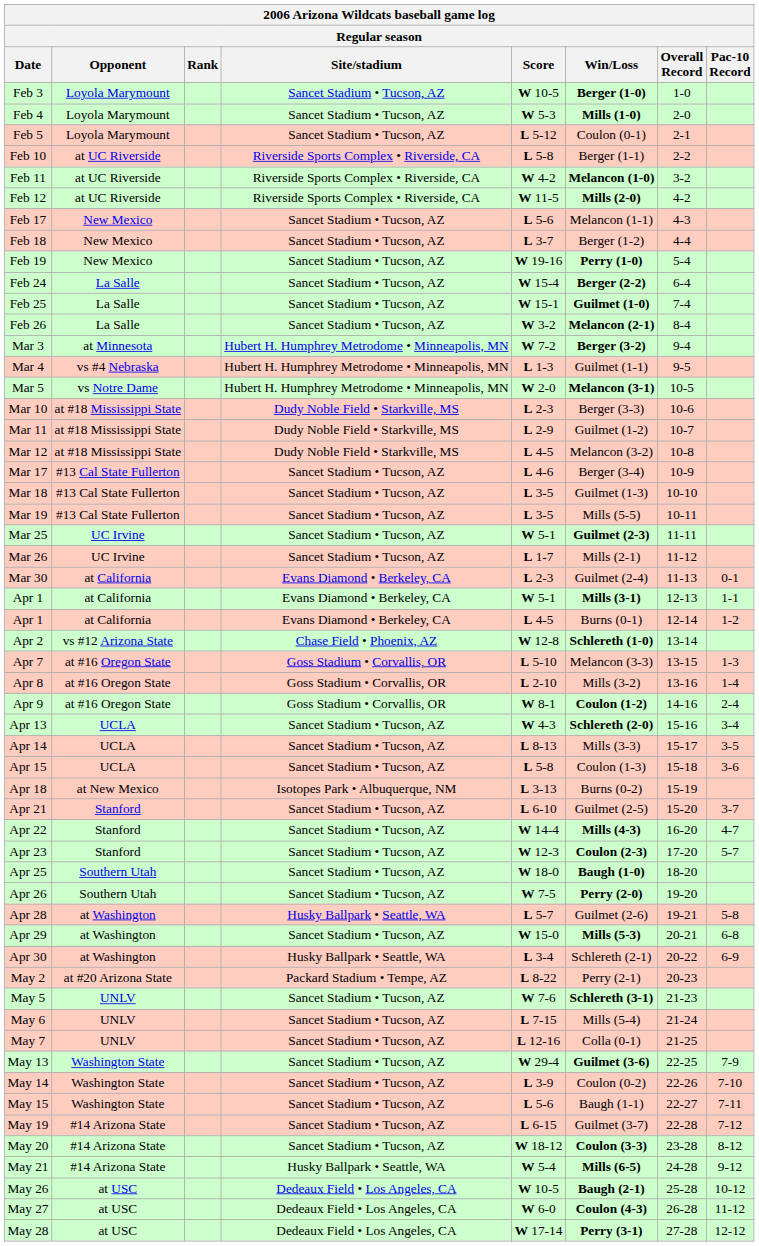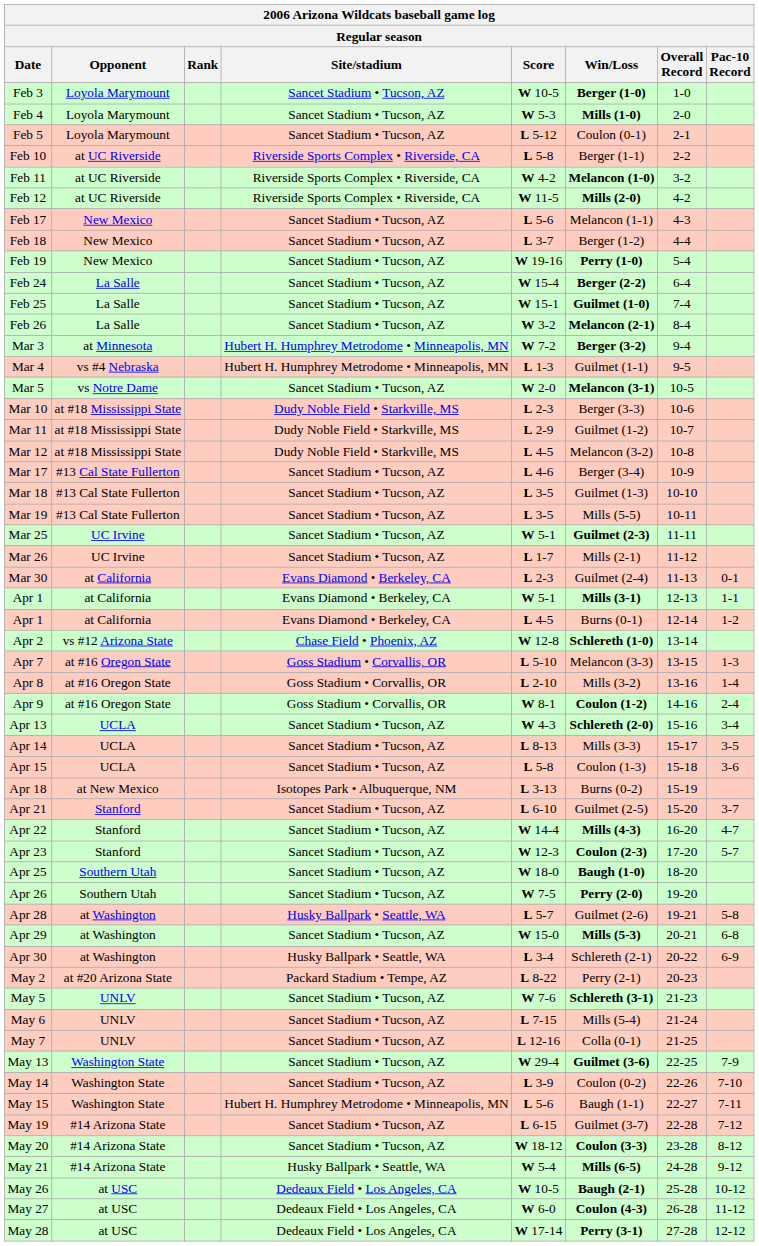 <table class="wikitable">
 <tr>
 <th colspan="8">2006 Arizona Wildcats baseball game log</th>
 </tr>
 <tr>
 <th colspan="8">Regular season</th>
 </tr>
 <tr>
 <th>Date</th>
 <th>Opponent</th>
 <th>Rank</th>
 <th>Site/stadium</th>
 <th>Score</th>
 <th>Win/Loss</th>
 <th>Overall<br>Record</th>
 <th>Pac-10<br>Record</th>
 </tr>
 <tr bgcolor="ccffcc" align="center">
 <td>Feb 3</td>
 <td><a href='#'>Loyola Marymount</a></td>
 <td></td>
 <td><a href='#'>Sancet Stadium</a> • <a href='#'>Tucson, AZ</a></td>
 <td><strong>W</strong> 10-5</td>
 <td><strong>Berger (1-0)</strong></td>
 <td>1-0</td>
 <td></td>
 </tr>
 <tr bgcolor="ccffcc" align="center">
 <td>Feb 4</td>
 <td>Loyola Marymount</td>
 <td></td>
 <td>Sancet Stadium • Tucson, AZ</td>
 <td><strong>W</strong> 5-3</td>
 <td><strong>Mills (1-0)</strong></td>
 <td>2-0</td>
 <td></td>
 </tr>
 <tr bgcolor="ffccc" align="center">
 <td>Feb 5</td>
 <td>Loyola Marymount</td>
 <td></td>
 <td>Sancet Stadium • Tucson, AZ</td>
 <td><strong>L</strong> 5-12</td>
 <td>Coulon (0-1)</td>
 <td>2-1</td>
 <td></td>
 </tr>
 <tr bgcolor="ffccc" align="center">
 <td>Feb 10</td>
 <td>at <a href='#'>UC Riverside</a></td>
 <td></td>
 <td><a href='#'>Riverside Sports Complex</a> • <a href='#'>Riverside, CA</a></td>
 <td><strong>L</strong> 5-8</td>
 <td>Berger (1-1)</td>
 <td>2-2</td>
 <td></td>
 </tr>
 <tr bgcolor="ccffcc" align="center">
 <td>Feb 11</td>
 <td>at UC Riverside</td>
 <td></td>
 <td>Riverside Sports Complex • Riverside, CA</td>
 <td><strong>W</strong> 4-2</td>
 <td><strong>Melancon (1-0)</strong></td>
 <td>3-2</td>
 <td></td>
 </tr>
 <tr bgcolor="ccffcc" align="center">
 <td>Feb 12</td>
 <td>at UC Riverside</td>
 <td></td>
 <td>Riverside Sports Complex • Riverside, CA</td>
 <td><strong>W</strong> 11-5</td>
 <td><strong>Mills (2-0)</strong></td>
 <td>4-2</td>
 <td></td>
 </tr>
 <tr bgcolor="ffccc" align="center">
 <td>Feb 17</td>
 <td><a href='#'>New Mexico</a></td>
 <td></td>
 <td>Sancet Stadium • Tucson, AZ</td>
 <td><strong>L</strong> 5-6</td>
 <td>Melancon (1-1)</td>
 <td>4-3</td>
 <td></td>
 </tr>
 <tr bgcolor="ffccc" align="center">
 <td>Feb 18</td>
 <td>New Mexico</td>
 <td></td>
 <td>Sancet Stadium • Tucson, AZ</td>
 <td><strong>L</strong> 3-7</td>
 <td>Berger (1-2)</td>
 <td>4-4</td>
 <td></td>
 </tr>
 <tr bgcolor="ccffcc" align="center">
 <td>Feb 19</td>
 <td>New Mexico</td>
 <td></td>
 <td>Sancet Stadium • Tucson, AZ</td>
 <td><strong>W</strong> 19-16</td>
 <td><strong>Perry (1-0)</strong></td>
 <td>5-4</td>
 <td></td>
 </tr>
 <tr bgcolor="ccffcc" align="center">
 <td>Feb 24</td>
 <td><a href='#'>La Salle</a></td>
 <td></td>
 <td>Sancet Stadium • Tucson, AZ</td>
 <td><strong>W</strong> 15-4</td>
 <td><strong>Berger (2-2)</strong></td>
 <td>6-4</td>
 <td></td>
 </tr>
 <tr bgcolor="ccffcc" align="center">
 <td>Feb 25</td>
 <td>La Salle</td>
 <td></td>
 <td>Sancet Stadium • Tucson, AZ</td>
 <td><strong>W</strong> 15-1</td>
 <td><strong>Guilmet (1-0)</strong></td>
 <td>7-4</td>
 <td></td>
 </tr>
 <tr bgcolor="ccffcc" align="center">
 <td>Feb 26</td>
 <td>La Salle</td>
 <td></td>
 <td>Sancet Stadium • Tucson, AZ</td>
 <td><strong>W</strong> 3-2</td>
 <td><strong>Melancon (2-1)</strong></td>
 <td>8-4</td>
 <td></td>
 </tr>
 <tr bgcolor="ccffcc" align="center">
 <td>Mar 3</td>
 <td>at <a href='#'>Minnesota</a></td>
 <td></td>
 <td><a href='#'>Hubert H. Humphrey Metrodome</a> • <a href='#'>Minneapolis, MN</a></td>
 <td><strong>W</strong> 7-2</td>
 <td><strong>Berger (3-2)</strong></td>
 <td>9-4</td>
 <td></td>
 </tr>
 <tr bgcolor="ffccc" align="center">
 <td>Mar 4</td>
 <td>vs #4 <a href='#'>Nebraska</a></td>
 <td></td>
 <td>Hubert H. Humphrey Metrodome • Minneapolis, MN</td>
 <td><strong>L</strong> 1-3</td>
 <td>Guilmet (1-1)</td>
 <td>9-5</td>
 <td></td>
 </tr>
 <tr bgcolor="ccffcc" align="center">
 <td>Mar 5</td>
 <td>vs <a href='#'>Notre Dame</a></td>
 <td></td>
-<td>Hubert H. Humphrey Metrodome • Minneapolis, MN</td>
+<td>Sancet Stadium • Tucson, AZ</td>
 <td><strong>W</strong> 2-0</td>
 <td><strong>Melancon (3-1)</strong></td>
 <td>10-5</td>
 <td></td>
 </tr>
 <tr bgcolor="ffccc" align="center">
 <td>Mar 10</td>
 <td>at #18 <a href='#'>Mississippi State</a></td>
 <td></td>
 <td><a href='#'>Dudy Noble Field</a> • <a href='#'>Starkville, MS</a></td>
 <td><strong>L</strong> 2-3</td>
 <td>Berger (3-3)</td>
 <td>10-6</td>
 <td></td>
 </tr>
 <tr bgcolor="ffccc" align="center">
 <td>Mar 11</td>
 <td>at #18 Mississippi State</td>
 <td></td>
 <td>Dudy Noble Field • Starkville, MS</td>
 <td><strong>L</strong> 2-9</td>
 <td>Guilmet (1-2)</td>
 <td>10-7</td>
 <td></td>
 </tr>
 <tr bgcolor="ffccc" align="center">
 <td>Mar 12</td>
 <td>at #18 Mississippi State</td>
 <td></td>
 <td>Dudy Noble Field • Starkville, MS</td>
 <td><strong>L</strong> 4-5</td>
 <td>Melancon (3-2)</td>
 <td>10-8</td>
 <td></td>
 </tr>
 <tr bgcolor="ffccc" align="center">
 <td>Mar 17</td>
 <td>#13 <a href='#'>Cal State Fullerton</a></td>
 <td></td>
 <td>Sancet Stadium • Tucson, AZ</td>
 <td><strong>L</strong> 4-6</td>
 <td>Berger (3-4)</td>
 <td>10-9</td>
 <td></td>
 </tr>
 <tr bgcolor="ffccc" align="center">
 <td>Mar 18</td>
 <td>#13 Cal State Fullerton</td>
 <td></td>
 <td>Sancet Stadium • Tucson, AZ</td>
 <td><strong>L</strong> 3-5</td>
 <td>Guilmet (1-3)</td>
 <td>10-10</td>
 <td></td>
 </tr>
 <tr bgcolor="ffccc" align="center">
 <td>Mar 19</td>
 <td>#13 Cal State Fullerton</td>
 <td></td>
 <td>Sancet Stadium • Tucson, AZ</td>
 <td><strong>L</strong> 3-5</td>
 <td>Mills (5-5)</td>
 <td>10-11</td>
 <td></td>
 </tr>
 <tr bgcolor="ccffcc" align="center">
 <td>Mar 25</td>
 <td><a href='#'>UC Irvine</a></td>
 <td></td>
 <td>Sancet Stadium • Tucson, AZ</td>
 <td><strong>W</strong> 5-1</td>
 <td><strong>Guilmet (2-3)</strong></td>
 <td>11-11</td>
 <td></td>
 </tr>
 <tr bgcolor="ffccc" align="center">
 <td>Mar 26</td>
 <td>UC Irvine</td>
 <td></td>
 <td>Sancet Stadium • Tucson, AZ</td>
 <td><strong>L</strong> 1-7</td>
 <td>Mills (2-1)</td>
 <td>11-12</td>
 <td></td>
 </tr>
 <tr bgcolor="ffccc" align="center">
 <td>Mar 30</td>
 <td>at <a href='#'>California</a></td>
 <td></td>
 <td><a href='#'>Evans Diamond</a> • <a href='#'>Berkeley, CA</a></td>
 <td><strong>L</strong> 2-3</td>
 <td>Guilmet (2-4)</td>
 <td>11-13</td>
 <td>0-1</td>
 </tr>
 <tr bgcolor="ccffcc" align="center">
 <td>Apr 1</td>
 <td>at California</td>
 <td></td>
 <td>Evans Diamond • Berkeley, CA</td>
 <td><strong>W</strong> 5-1</td>
 <td><strong>Mills (3-1)</strong></td>
 <td>12-13</td>
 <td>1-1</td>
 </tr>
 <tr bgcolor="ffccc" align="center">
 <td>Apr 1</td>
 <td>at California</td>
 <td></td>
 <td>Evans Diamond • Berkeley, CA</td>
 <td><strong>L</strong> 4-5</td>
 <td>Burns (0-1)</td>
 <td>12-14</td>
 <td>1-2</td>
 </tr>
 <tr bgcolor="ccffcc" align="center">
 <td>Apr 2</td>
 <td>vs #12 <a href='#'>Arizona State</a></td>
 <td></td>
 <td><a href='#'>Chase Field</a> • <a href='#'>Phoenix, AZ</a></td>
 <td><strong>W</strong> 12-8</td>
 <td><strong>Schlereth (1-0)</strong></td>
 <td>13-14</td>
 <td></td>
 </tr>
 <tr bgcolor="ffccc" align="center">
 <td>Apr 7</td>
 <td>at #16 <a href='#'>Oregon State</a></td>
 <td></td>
 <td><a href='#'>Goss Stadium</a> • <a href='#'>Corvallis, OR</a></td>
 <td><strong>L</strong> 5-10</td>
 <td>Melancon (3-3)</td>
 <td>13-15</td>
 <td>1-3</td>
 </tr>
 <tr bgcolor="ffccc" align="center">
 <td>Apr 8</td>
 <td>at #16 Oregon State</td>
 <td></td>
 <td>Goss Stadium • Corvallis, OR</td>
 <td><strong>L</strong> 2-10</td>
 <td>Mills (3-2)</td>
 <td>13-16</td>
 <td>1-4</td>
 </tr>
 <tr bgcolor="ccffcc" align="center">
 <td>Apr 9</td>
 <td>at #16 Oregon State</td>
 <td></td>
 <td>Goss Stadium • Corvallis, OR</td>
 <td><strong>W</strong> 8-1</td>
 <td><strong>Coulon (1-2)</strong></td>
 <td>14-16</td>
 <td>2-4</td>
 </tr>
 <tr bgcolor="ccffcc" align="center">
 <td>Apr 13</td>
 <td><a href='#'>UCLA</a></td>
 <td></td>
 <td>Sancet Stadium • Tucson, AZ</td>
 <td><strong>W</strong> 4-3</td>
 <td><strong>Schlereth (2-0)</strong></td>
 <td>15-16</td>
 <td>3-4</td>
 </tr>
 <tr bgcolor="ffccc" align="center">
 <td>Apr 14</td>
 <td>UCLA</td>
 <td></td>
 <td>Sancet Stadium • Tucson, AZ</td>
 <td><strong>L</strong> 8-13</td>
 <td>Mills (3-3)</td>
 <td>15-17</td>
 <td>3-5</td>
 </tr>
 <tr bgcolor="ffccc" align="center">
 <td>Apr 15</td>
 <td>UCLA</td>
 <td></td>
 <td>Sancet Stadium • Tucson, AZ</td>
 <td><strong>L</strong> 5-8</td>
 <td>Coulon (1-3)</td>
 <td>15-18</td>
 <td>3-6</td>
 </tr>
 <tr bgcolor="ffccc" align="center">
 <td>Apr 18</td>
 <td>at New Mexico</td>
 <td></td>
 <td>Isotopes Park • Albuquerque, NM</td>
 <td><strong>L</strong> 3-13</td>
 <td>Burns (0-2)</td>
 <td>15-19</td>
 <td></td>
 </tr>
 <tr bgcolor="ffccc" align="center">
 <td>Apr 21</td>
 <td><a href='#'>Stanford</a></td>
 <td></td>
 <td>Sancet Stadium • Tucson, AZ</td>
 <td><strong>L</strong> 6-10</td>
 <td>Guilmet (2-5)</td>
 <td>15-20</td>
 <td>3-7</td>
 </tr>
 <tr bgcolor="ccffcc" align="center">
 <td>Apr 22</td>
 <td>Stanford</td>
 <td></td>
 <td>Sancet Stadium • Tucson, AZ</td>
 <td><strong>W</strong> 14-4</td>
 <td><strong>Mills (4-3)</strong></td>
 <td>16-20</td>
 <td>4-7</td>
 </tr>
 <tr bgcolor="ccffcc" align="center">
 <td>Apr 23</td>
 <td>Stanford</td>
 <td></td>
 <td>Sancet Stadium • Tucson, AZ</td>
 <td><strong>W</strong> 12-3</td>
 <td><strong>Coulon (2-3)</strong></td>
 <td>17-20</td>
 <td>5-7</td>
 </tr>
 <tr bgcolor="ccffcc" align="center">
 <td>Apr 25</td>
 <td><a href='#'>Southern Utah</a></td>
 <td></td>
 <td>Sancet Stadium • Tucson, AZ</td>
 <td><strong>W</strong> 18-0</td>
 <td><strong>Baugh (1-0)</strong></td>
 <td>18-20</td>
 <td></td>
 </tr>
 <tr bgcolor="ccffcc" align="center">
 <td>Apr 26</td>
 <td>Southern Utah</td>
 <td></td>
 <td>Sancet Stadium • Tucson, AZ</td>
 <td><strong>W</strong> 7-5</td>
 <td><strong>Perry (2-0)</strong></td>
 <td>19-20</td>
 <td></td>
 </tr>
 <tr bgcolor="ffccc" align="center">
 <td>Apr 28</td>
 <td>at <a href='#'>Washington</a></td>
 <td></td>
 <td><a href='#'>Husky Ballpark</a> • <a href='#'>Seattle, WA</a></td>
 <td><strong>L</strong> 5-7</td>
 <td>Guilmet (2-6)</td>
 <td>19-21</td>
 <td>5-8</td>
 </tr>
 <tr bgcolor="ccffcc" align="center">
 <td>Apr 29</td>
 <td>at Washington</td>
 <td></td>
 <td>Sancet Stadium • Tucson, AZ</td>
 <td><strong>W</strong> 15-0</td>
 <td><strong>Mills (5-3)</strong></td>
 <td>20-21</td>
 <td>6-8</td>
 </tr>
 <tr bgcolor="ffccc" align="center">
 <td>Apr 30</td>
 <td>at Washington</td>
 <td></td>
 <td>Husky Ballpark • Seattle, WA</td>
 <td><strong>L</strong> 3-4</td>
 <td>Schlereth (2-1)</td>
 <td>20-22</td>
 <td>6-9</td>
 </tr>
 <tr bgcolor="ffccc" align="center">
 <td>May 2</td>
 <td>at #20 Arizona State</td>
 <td></td>
 <td>Packard Stadium • Tempe, AZ</td>
 <td><strong>L</strong> 8-22</td>
 <td>Perry (2-1)</td>
 <td>20-23</td>
 <td></td>
 </tr>
 <tr bgcolor="ccffcc" align="center">
 <td>May 5</td>
 <td><a href='#'>UNLV</a></td>
 <td></td>
 <td>Sancet Stadium • Tucson, AZ</td>
 <td><strong>W</strong> 7-6</td>
 <td><strong>Schlereth (3-1)</strong></td>
 <td>21-23</td>
 <td></td>
 </tr>
 <tr bgcolor="ffccc" align="center">
 <td>May 6</td>
 <td>UNLV</td>
 <td></td>
 <td>Sancet Stadium • Tucson, AZ</td>
 <td><strong>L</strong> 7-15</td>
 <td>Mills (5-4)</td>
 <td>21-24</td>
 <td></td>
 </tr>
 <tr bgcolor="ffccc" align="center">
 <td>May 7</td>
 <td>UNLV</td>
 <td></td>
 <td>Sancet Stadium • Tucson, AZ</td>
 <td><strong>L</strong> 12-16</td>
 <td>Colla (0-1)</td>
 <td>21-25</td>
 <td></td>
 </tr>
 <tr bgcolor="ccffcc" align="center">
 <td>May 13</td>
 <td><a href='#'>Washington State</a></td>
 <td></td>
 <td>Sancet Stadium • Tucson, AZ</td>
 <td><strong>W</strong> 29-4</td>
 <td><strong>Guilmet (3-6)</strong></td>
 <td>22-25</td>
 <td>7-9</td>
 </tr>
 <tr bgcolor="ffccc" align="center">
 <td>May 14</td>
 <td>Washington State</td>
 <td></td>
 <td>Sancet Stadium • Tucson, AZ</td>
 <td><strong>L</strong> 3-9</td>
 <td>Coulon (0-2)</td>
 <td>22-26</td>
 <td>7-10</td>
 </tr>
 <tr bgcolor="ffccc" align="center">
 <td>May 15</td>
 <td>Washington State</td>
 <td></td>
-<td>Sancet Stadium • Tucson, AZ</td>
+<td>Hubert H. Humphrey Metrodome • Minneapolis, MN</td>
 <td><strong>L</strong> 5-6</td>
 <td>Baugh (1-1)</td>
 <td>22-27</td>
 <td>7-11</td>
 </tr>
 <tr bgcolor="ffccc" align="center">
 <td>May 19</td>
 <td>#14 Arizona State</td>
 <td></td>
 <td>Sancet Stadium • Tucson, AZ</td>
 <td><strong>L</strong> 6-15</td>
 <td>Guilmet (3-7)</td>
 <td>22-28</td>
 <td>7-12</td>
 </tr>
 <tr bgcolor="ccffcc" align="center">
 <td>May 20</td>
 <td>#14 Arizona State</td>
 <td></td>
 <td>Sancet Stadium • Tucson, AZ</td>
 <td><strong>W</strong> 18-12</td>
 <td><strong>Coulon (3-3)</strong></td>
 <td>23-28</td>
 <td>8-12</td>
 </tr>
 <tr bgcolor="ccffcc" align="center">
 <td>May 21</td>
 <td>#14 Arizona State</td>
 <td></td>
 <td>Husky Ballpark • Seattle, WA</td>
 <td><strong>W</strong> 5-4</td>
 <td><strong>Mills (6-5)</strong></td>
 <td>24-28</td>
 <td>9-12</td>
 </tr>
 <tr bgcolor="ccffcc" align="center">
 <td>May 26</td>
 <td>at <a href='#'>USC</a></td>
 <td></td>
 <td><a href='#'>Dedeaux Field</a> • <a href='#'>Los Angeles, CA</a></td>
 <td><strong>W</strong> 10-5</td>
 <td><strong>Baugh (2-1)</strong></td>
 <td>25-28</td>
 <td>10-12</td>
 </tr>
 <tr bgcolor="ccffcc" align="center">
 <td>May 27</td>
 <td>at USC</td>
 <td></td>
 <td>Dedeaux Field • Los Angeles, CA</td>
 <td><strong>W</strong> 6-0</td>
 <td><strong>Coulon (4-3)</strong></td>
 <td>26-28</td>
 <td>11-12</td>
 </tr>
 <tr bgcolor="ccffcc" align="center">
 <td>May 28</td>
 <td>at USC</td>
 <td></td>
 <td>Dedeaux Field • Los Angeles, CA</td>
 <td><strong>W</strong> 17-14</td>
 <td><strong>Perry (3-1)</strong></td>
 <td>27-28</td>
 <td>12-12</td>
 </tr>
 </table>
